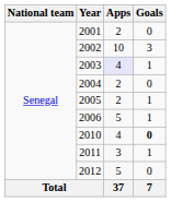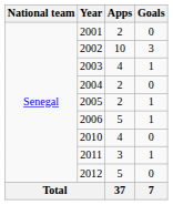 <table class="wikitable" style="text-align:center">
 <tr>
 <th>National team</th>
 <th>Year</th>
 <th>Apps</th>
 <th>Goals</th>
 </tr>
 <tr>
 <td rowspan="9"><a href='#'>Senegal</a></td>
 <td>2001</td>
 <td>2</td>
 <td>0</td>
 </tr>
 <tr>
 <td>2002</td>
 <td>10</td>
 <td>3</td>
 </tr>
 <tr>
 <td>2003</td>
-<td style="background: lavender;">4</td>
+<td>4</td>
 <td>1</td>
 </tr>
 <tr>
 <td>2004</td>
 <td>2</td>
 <td>0</td>
 </tr>
 <tr>
 <td>2005</td>
 <td>2</td>
 <td>1</td>
 </tr>
 <tr>
 <td>2006</td>
 <td>5</td>
 <td>1</td>
 </tr>
 <tr>
 <td>2010</td>
 <td>4</td>
-<td><strong>0</strong></td>
+<td>0</td>
 </tr>
 <tr>
 <td>2011</td>
 <td>3</td>
 <td>1</td>
 </tr>
 <tr>
 <td>2012</td>
 <td>5</td>
 <td>0</td>
 </tr>
 <tr>
 <th colspan="2">Total</th>
 <th>37</th>
 <th>7</th>
 </tr>
 </table>
